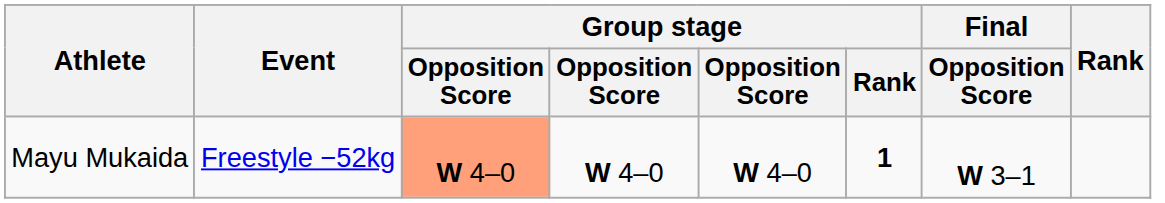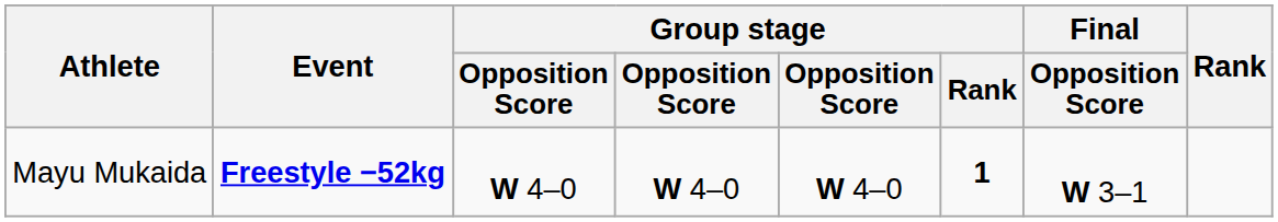 <table class="wikitable" style="font-size:90%">
 <tr>
 <th rowspan=2>Athlete</th>
 <th rowspan=2>Event</th>
 <th colspan=4>Group stage</th>
 <th>Final</th>
 <th rowspan=2>Rank</th>
 </tr>
 <tr style="font-size:95%">
 <th>Opposition<br>Score</th>
 <th>Opposition<br>Score</th>
 <th>Opposition<br>Score</th>
 <th>Rank</th>
 <th>Opposition<br>Score</th>
 </tr>
 <tr align=center>
 <td align=left>Mayu Mukaida</td>
-<td align=left><a href='#'>Freestyle −52kg</a></td>
-<td style="background: lightsalmon;"><br><strong>W</strong> 4–0</td>
+<td align=left><strong><a href='#'>Freestyle −52kg</a></strong></td>
+<td><br><strong>W</strong> 4–0</td>
 <td><br><strong>W</strong> 4–0</td>
 <td><br><strong>W</strong> 4–0</td>
 <td><strong>1</strong></td>
 <td><br><strong>W</strong> 3–1 <sup></sup></td>
 <td></td>
 </tr>
 </table>
